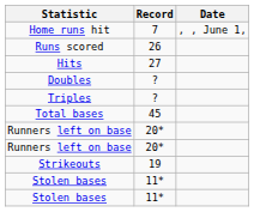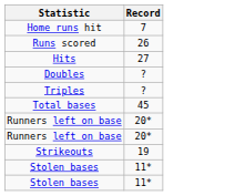 <table class="wikitable sortable" style="text-align:center">
 <tr>
 <th>Statistic</th>
 <th class="unsortable">Record</th>
-<th>Date</th>
 </tr>
 <tr>
 <td><a href='#'>Home runs</a> hit</td>
 <td>7</td>
-<td>, , June 1, </td>
 </tr>
 <tr>
 <td><a href='#'>Runs</a> scored</td>
 <td>26</td>
-<td></td>
 </tr>
 <tr>
 <td><a href='#'>Hits</a></td>
 <td>27</td>
-<td></td>
 </tr>
 <tr>
 <td><a href='#'>Doubles</a></td>
 <td>?</td>
-<td></td>
 </tr>
 <tr>
 <td><a href='#'>Triples</a></td>
 <td>?</td>
-<td></td>
 </tr>
 <tr>
 <td><a href='#'>Total bases</a></td>
 <td>45</td>
-<td></td>
 </tr>
 <tr>
 <td>Runners <a href='#'>left on base</a></td>
 <td>20*</td>
-<td></td>
 </tr>
 <tr>
 <td>Runners <a href='#'>left on base</a></td>
 <td>20*</td>
-<td></td>
 </tr>
 <tr>
 <td><a href='#'>Strikeouts</a></td>
 <td>19</td>
-<td></td>
 </tr>
 <tr>
 <td><a href='#'>Stolen bases</a></td>
 <td>11*</td>
-<td></td>
 </tr>
 <tr>
 <td><a href='#'>Stolen bases</a></td>
 <td>11*</td>
-<td></td>
 </tr>
 </table>
